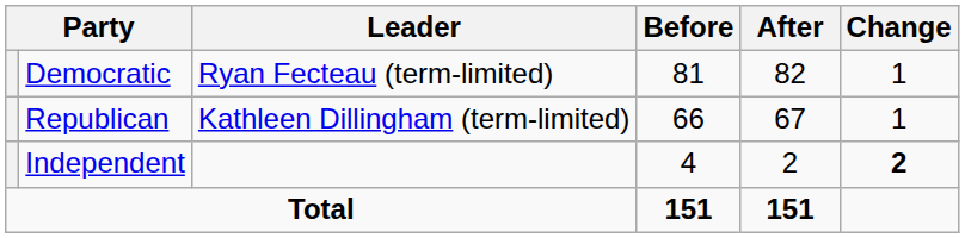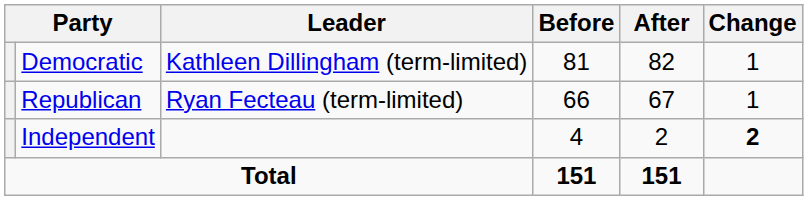 <table class="wikitable" style="text-align:center;">
 <tr>
 <th colspan=2>Party</th>
 <th>Leader</th>
 <th style="width:3em">Before</th>
 <th style="width:3em">After</th>
 <th style="width:3em">Change</th>
 </tr>
 <tr>
 <th style="background-color:"></th>
 <td style="text-align:left;"><a href='#'>Democratic</a></td>
-<td style="text-align:left;"><a href='#'>Ryan Fecteau</a> (term-limited)</td>
+<td style="text-align:left;"><a href='#'>Kathleen Dillingham</a> (term-limited)</td>
 <td>81</td>
 <td>82</td>
 <td> 1</td>
 </tr>
 <tr>
 <th style="background-color:"></th>
 <td style="text-align:left;"><a href='#'>Republican</a></td>
-<td style="text-align:left;"><a href='#'>Kathleen Dillingham</a> (term-limited)</td>
+<td style="text-align:left;"><a href='#'>Ryan Fecteau</a> (term-limited)</td>
 <td>66</td>
 <td>67</td>
 <td> 1</td>
 </tr>
 <tr>
 <th style="background-color:"></th>
 <td style="text-align:left;"><a href='#'>Independent</a></td>
 <td style="text-align:left;"></td>
 <td>4</td>
 <td>2</td>
 <td><strong> 2</strong></td>
 </tr>
 <tr>
 <td colspan=3><strong>Total</strong></td>
 <td><strong>151</strong></td>
 <td><strong>151</strong></td>
 <td></td>
 </tr>
 </table>
